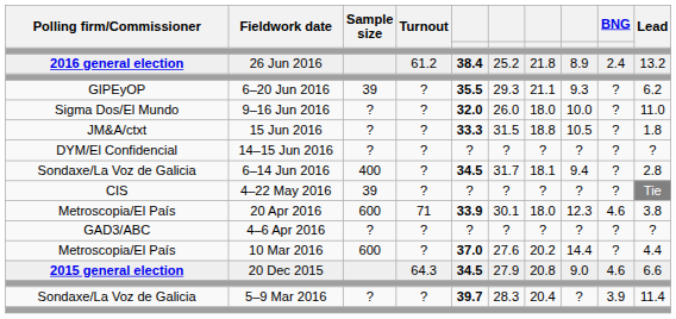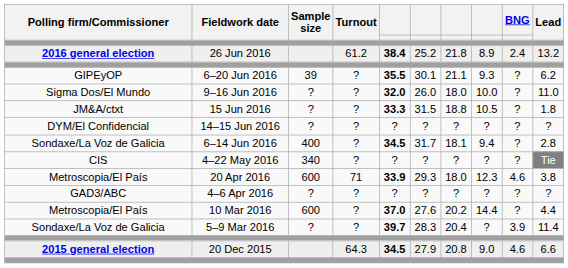 <table class="wikitable collapsible collapsed" style="text-align:center; font-size:95%; line-height:16px;">
 <tr style="height:42px; background-color:#E9E9E9">
 <th style="width:250px;" rowspan="2">Polling firm/Commissioner</th>
 <th style="width:125px;" rowspan="2">Fieldwork date</th>
 <th style="width:50px;" rowspan="2">Sample size</th>
 <th style="width:45px;" rowspan="2">Turnout</th>
 <th style="width:35px;"></th>
 <th style="width:35px;"></th>
 <th style="width:35px;"></th>
 <th style="width:35px;"></th>
 <th style="width:35px;"><a href='#'>BNG</a></th>
 <th style="width:30px;" rowspan="2">Lead</th>
 </tr>
 <tr>
 <th style="color:inherit;background:"></th>
 <th style="color:inherit;background:"></th>
 <th style="color:inherit;background:"></th>
 <th style="color:inherit;background:"></th>
 <th style="color:inherit;background:"></th>
 </tr>
 <tr>
 <td colspan="10" style="background:#A0A0A0"></td>
 </tr>
 <tr style="background:#EFEFEF;">
 <td><strong><a href='#'>2016 general election</a></strong></td>
 <td>26 Jun 2016</td>
 <td></td>
 <td>61.2</td>
 <td><strong>38.4</strong><br></td>
 <td>25.2<br></td>
 <td>21.8<br></td>
 <td>8.9<br></td>
 <td>2.4<br></td>
 <td style="background:">13.2</td>
 </tr>
 <tr>
 <td colspan="10" style="background:#A0A0A0"></td>
 </tr>
 <tr>
 <td>GIPEyOP</td>
 <td>6–20 Jun 2016</td>
 <td>39</td>
 <td>?</td>
 <td><strong>35.5</strong><br></td>
-<td>29.3<br></td>
+<td>30.1<br></td>
 <td>21.1<br></td>
 <td>9.3<br></td>
 <td>?<br></td>
 <td style="background:">6.2</td>
 </tr>
 <tr>
 <td>Sigma Dos/El Mundo</td>
 <td>9–16 Jun 2016</td>
 <td>?</td>
 <td>?</td>
 <td><strong>32.0</strong><br></td>
 <td>26.0<br></td>
 <td>18.0<br></td>
 <td>10.0<br></td>
 <td>?<br></td>
 <td style="background:">11.0</td>
 </tr>
 <tr>
 <td>JM&A/ctxt</td>
 <td>15 Jun 2016</td>
 <td>?</td>
 <td>?</td>
 <td><strong>33.3</strong><br></td>
 <td>31.5<br></td>
 <td>18.8<br></td>
 <td>10.5<br></td>
 <td>?<br></td>
 <td style="background:">1.8</td>
 </tr>
 <tr>
 <td>DYM/El Confidencial</td>
 <td>14–15 Jun 2016</td>
 <td>?</td>
 <td>?</td>
 <td>?<br></td>
 <td>?<br></td>
 <td>?<br></td>
 <td>?<br></td>
 <td>?<br></td>
 <td style="background:">?</td>
 </tr>
 <tr>
 <td>Sondaxe/La Voz de Galicia</td>
 <td>6–14 Jun 2016</td>
 <td>400</td>
 <td>?</td>
 <td><strong>34.5</strong><br></td>
 <td>31.7<br></td>
 <td>18.1<br></td>
 <td>9.4<br></td>
 <td>?<br></td>
 <td style="background:">2.8</td>
 </tr>
 <tr>
 <td>CIS</td>
 <td>4–22 May 2016</td>
-<td>39</td>
+<td>340</td>
 <td>?</td>
 <td>?<br></td>
 <td>?<br></td>
 <td>?<br></td>
 <td>?<br></td>
 <td>?<br></td>
 <td style="background:gray;color:white;">Tie</td>
 </tr>
 <tr>
 <td>Metroscopia/El País</td>
 <td>20 Apr 2016</td>
 <td>600</td>
 <td>71</td>
 <td><strong>33.9</strong><br></td>
-<td>30.1<br></td>
+<td>29.3<br></td>
 <td>18.0<br></td>
 <td>12.3<br></td>
 <td>4.6<br></td>
 <td style="background:">3.8</td>
 </tr>
 <tr>
 <td>GAD3/ABC</td>
 <td>4–6 Apr 2016</td>
 <td>?</td>
 <td>?</td>
 <td>?<br></td>
 <td>?<br></td>
 <td>?<br></td>
 <td>?<br></td>
 <td>?<br></td>
 <td style="background:">?</td>
 </tr>
 <tr>
 <td>Metroscopia/El País</td>
 <td>10 Mar 2016</td>
 <td>600</td>
 <td>?</td>
 <td><strong>37.0</strong><br></td>
 <td>27.6<br></td>
 <td>20.2<br></td>
 <td>14.4<br></td>
 <td>?<br></td>
 <td style="background:">4.4</td>
 </tr>
+<tr>
+<td>Sondaxe/La Voz de Galicia</td>
+<td>5–9 Mar 2016</td>
+<td>?</td>
+<td>?</td>
+<td><strong>39.7</strong><br></td>
+<td>28.3<br></td>
+<td>20.4<br></td>
+<td>?<br></td>
+<td>3.9<br></td>
+<td style="background:">11.4</td>
+</tr>
+<tr>
+<td colspan="10" style="background:#A0A0A0"></td>
+</tr>
 <tr style="background:#EFEFEF;">
 <td><strong><a href='#'>2015 general election</a></strong></td>
 <td>20 Dec 2015</td>
 <td></td>
 <td>64.3</td>
 <td><strong>34.5</strong><br></td>
 <td>27.9<br></td>
 <td>20.8<br></td>
 <td>9.0<br></td>
 <td>4.6<br></td>
 <td style="background:">6.6</td>
 </tr>
 <tr>
 <td colspan="10" style="background:#A0A0A0"></td>
 </tr>
-<tr>
-<td>Sondaxe/La Voz de Galicia</td>
-<td>5–9 Mar 2016</td>
-<td>?</td>
-<td>?</td>
-<td><strong>39.7</strong><br></td>
-<td>28.3<br></td>
-<td>20.4<br></td>
-<td>?<br></td>
-<td>3.9<br></td>
-<td style="background:">11.4</td>
-</tr>
-<tr>
-<td colspan="10" style="background:#A0A0A0"></td>
-</tr>
 </table>
